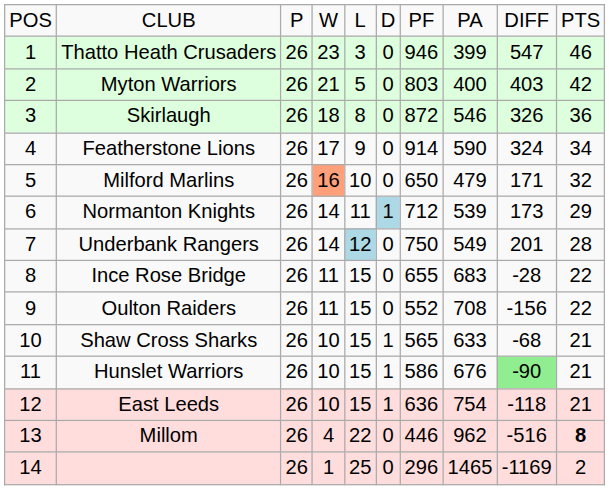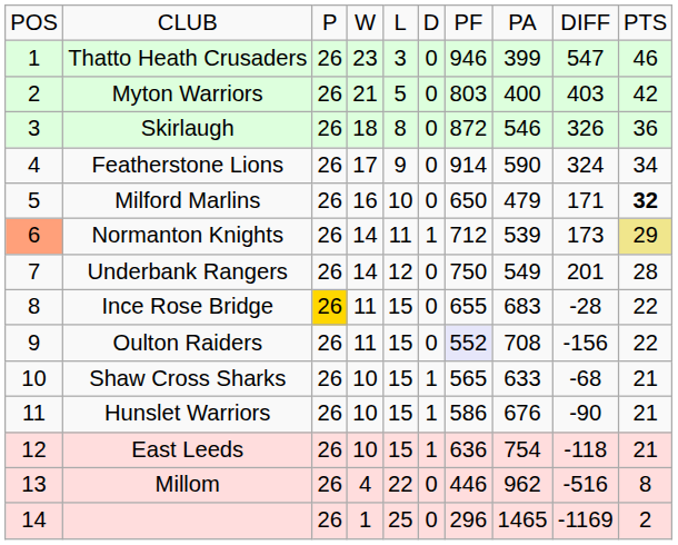 <table class="wikitable" style="text-align: center;">
 <tr>
 <td>POS</td>
 <td>CLUB</td>
 <td>P</td>
 <td>W</td>
 <td>L</td>
 <td>D</td>
 <td>PF</td>
 <td>PA</td>
 <td>DIFF</td>
 <td>PTS</td>
 </tr>
 <tr style="background:#ddffdd;">
 <td>1</td>
 <td>Thatto Heath Crusaders</td>
 <td>26</td>
 <td>23</td>
 <td>3</td>
 <td>0</td>
 <td>946</td>
 <td>399</td>
 <td>547</td>
 <td>46</td>
 </tr>
 <tr style="background:#ddffdd;">
 <td>2</td>
 <td>Myton Warriors</td>
 <td>26</td>
 <td>21</td>
 <td>5</td>
 <td>0</td>
 <td>803</td>
 <td>400</td>
 <td>403</td>
 <td>42</td>
 </tr>
 <tr style="background:#ddffdd;">
 <td>3</td>
 <td>Skirlaugh</td>
 <td>26</td>
 <td>18</td>
 <td>8</td>
 <td>0</td>
 <td>872</td>
 <td>546</td>
 <td>326</td>
 <td>36</td>
 </tr>
 <tr>
 <td>4</td>
 <td>Featherstone Lions</td>
 <td>26</td>
 <td>17</td>
 <td>9</td>
 <td>0</td>
 <td>914</td>
 <td>590</td>
 <td>324</td>
 <td>34</td>
 </tr>
 <tr>
 <td>5</td>
 <td>Milford Marlins</td>
 <td>26</td>
-<td style="background: lightsalmon;">16</td>
+<td>16</td>
 <td>10</td>
 <td>0</td>
 <td>650</td>
 <td>479</td>
 <td>171</td>
-<td>32</td>
+<td><strong>32</strong></td>
 </tr>
 <tr>
-<td>6</td>
+<td style="background: lightsalmon;">6</td>
 <td>Normanton Knights</td>
 <td>26</td>
 <td>14</td>
 <td>11</td>
-<td style="background: lightblue;">1</td>
+<td>1</td>
 <td>712</td>
 <td>539</td>
 <td>173</td>
-<td>29</td>
+<td style="background: khaki;">29</td>
 </tr>
 <tr>
 <td>7</td>
 <td>Underbank Rangers</td>
 <td>26</td>
 <td>14</td>
-<td style="background: lightblue;">12</td>
+<td>12</td>
 <td>0</td>
 <td>750</td>
 <td>549</td>
 <td>201</td>
 <td>28</td>
 </tr>
 <tr>
 <td>8</td>
 <td>Ince Rose Bridge</td>
-<td>26</td>
+<td style="background: gold;">26</td>
 <td>11</td>
 <td>15</td>
 <td>0</td>
 <td>655</td>
 <td>683</td>
 <td>-28</td>
 <td>22</td>
 </tr>
 <tr>
 <td>9</td>
 <td>Oulton Raiders</td>
 <td>26</td>
 <td>11</td>
 <td>15</td>
 <td>0</td>
-<td>552</td>
+<td style="background: lavender;">552</td>
 <td>708</td>
 <td>-156</td>
 <td>22</td>
 </tr>
 <tr>
 <td>10</td>
 <td>Shaw Cross Sharks</td>
 <td>26</td>
 <td>10</td>
 <td>15</td>
 <td>1</td>
 <td>565</td>
 <td>633</td>
 <td>-68</td>
 <td>21</td>
 </tr>
 <tr>
 <td>11</td>
 <td>Hunslet Warriors</td>
 <td>26</td>
 <td>10</td>
 <td>15</td>
 <td>1</td>
 <td>586</td>
 <td>676</td>
-<td style="background: lightgreen;">-90</td>
+<td>-90</td>
 <td>21</td>
 </tr>
 <tr style="background:#ffdddd;">
 <td>12</td>
 <td>East Leeds</td>
 <td>26</td>
 <td>10</td>
 <td>15</td>
 <td>1</td>
 <td>636</td>
 <td>754</td>
 <td>-118</td>
 <td>21</td>
 </tr>
 <tr style="background:#ffdddd;">
 <td>13</td>
 <td>Millom</td>
 <td>26</td>
 <td>4</td>
 <td>22</td>
 <td>0</td>
 <td>446</td>
 <td>962</td>
 <td>-516</td>
-<td><strong>8</strong></td>
+<td>8</td>
 </tr>
 <tr style="background:#ffdddd;">
 <td>14</td>
 <td></td>
 <td>26</td>
 <td>1</td>
 <td>25</td>
 <td>0</td>
 <td>296</td>
 <td>1465</td>
 <td>-1169</td>
 <td>2</td>
 </tr>
 </table>
